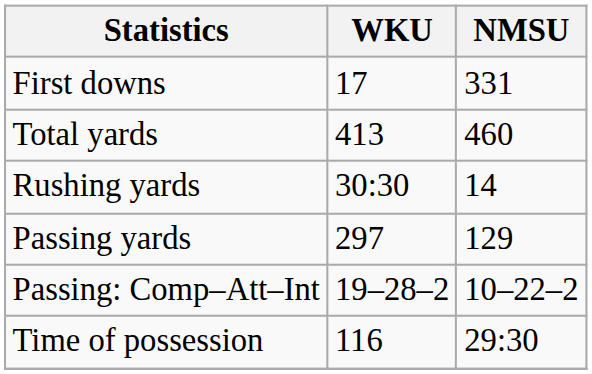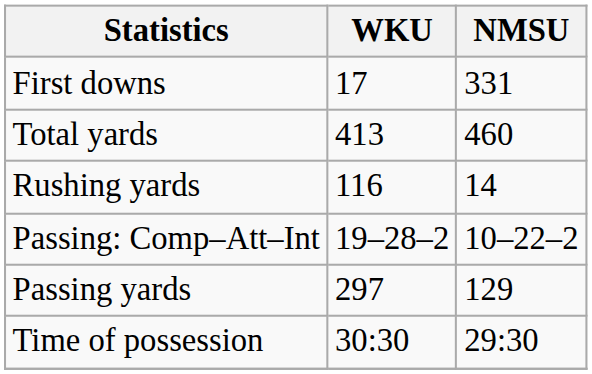 <table class="wikitable" style="float: left;">
 <tr>
 <th>Statistics</th>
 <th>WKU</th>
 <th>NMSU</th>
 </tr>
 <tr>
 <td>First downs</td>
 <td>17</td>
 <td>331</td>
 </tr>
 <tr>
 <td>Total yards</td>
 <td>413</td>
 <td>460</td>
 </tr>
 <tr>
 <td>Rushing yards</td>
-<td>30:30</td>
+<td>116</td>
 <td>14</td>
+</tr>
+<tr>
+<td>Passing: Comp–Att–Int</td>
+<td>19–28–2</td>
+<td>10–22–2</td>
 </tr>
 <tr>
 <td>Passing yards</td>
 <td>297</td>
 <td>129</td>
 </tr>
 <tr>
-<td>Passing: Comp–Att–Int</td>
-<td>19–28–2</td>
-<td>10–22–2</td>
-</tr>
-<tr>
 <td>Time of possession</td>
-<td>116</td>
+<td>30:30</td>
 <td>29:30</td>
 </tr>
 <tr>
 </tr>
 </table>
